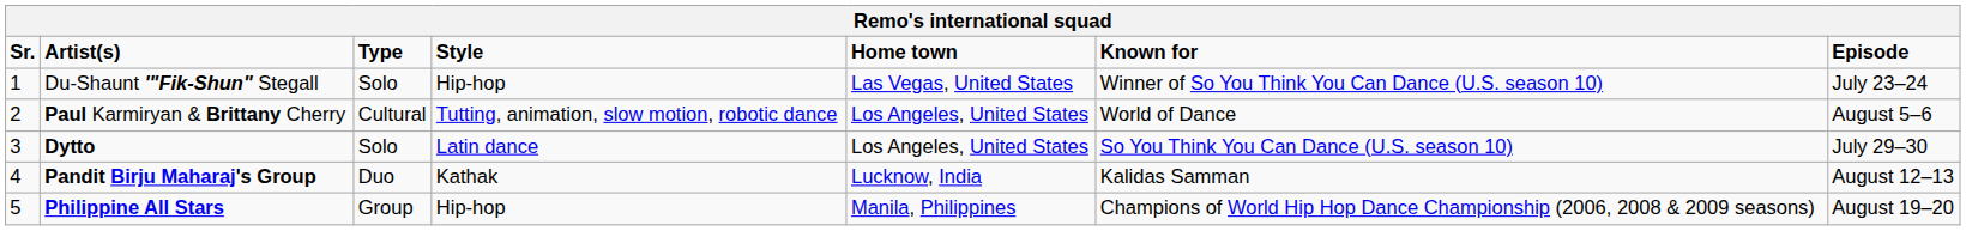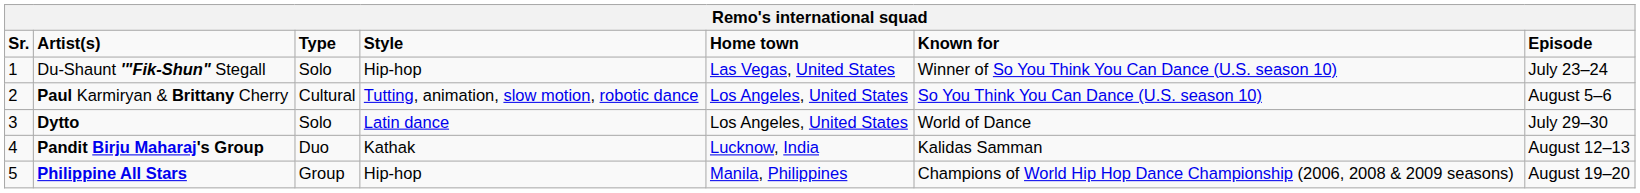 <table class=wikitable style="width: 100%;">
 <tr>
 <th colspan=7>Remo's international squad</th>
 </tr>
 <tr>
 <td><strong>Sr.</strong></td>
 <td><strong>Artist(s)</strong></td>
 <td><strong>Type</strong></td>
 <td><strong>Style</strong></td>
 <td><strong>Home town</strong></td>
 <td><strong>Known for</strong></td>
 <td><strong>Episode</strong></td>
 </tr>
 <tr>
 <td>1</td>
 <td>Du-Shaunt <strong><em>'"Fik-Shun"</em></strong> Stegall</td>
 <td>Solo</td>
 <td>Hip-hop</td>
 <td> <a href='#'>Las Vegas</a>, <a href='#'>United States</a></td>
 <td>Winner of <a href='#'>So You Think You Can Dance (U.S. season 10)</a></td>
 <td>July 23–24</td>
 </tr>
 <tr>
 <td>2</td>
 <td><strong>Paul</strong> Karmiryan & <strong>Brittany</strong> Cherry</td>
 <td>Cultural</td>
 <td><a href='#'>Tutting</a>, animation, <a href='#'>slow motion</a>, <a href='#'>robotic dance</a></td>
 <td> <a href='#'>Los Angeles</a>, <a href='#'>United States</a></td>
-<td>World of Dance</td>
+<td><a href='#'>So You Think You Can Dance (U.S. season 10)</a></td>
 <td>August 5–6</td>
 </tr>
 <tr>
 <td>3</td>
 <td><strong>Dytto</strong></td>
 <td>Solo</td>
 <td><a href='#'>Latin dance</a></td>
 <td> Los Angeles, <a href='#'>United States</a></td>
-<td><a href='#'>So You Think You Can Dance (U.S. season 10)</a></td>
+<td>World of Dance</td>
 <td>July 29–30</td>
 </tr>
 <tr>
 <td>4</td>
 <td><strong>Pandit <a href='#'>Birju Maharaj</a>'s Group</strong></td>
 <td>Duo</td>
 <td>Kathak</td>
 <td> <a href='#'>Lucknow</a>, <a href='#'>India</a></td>
 <td>Kalidas Samman</td>
 <td>August 12–13</td>
 </tr>
 <tr>
 <td>5</td>
 <td><strong><a href='#'>Philippine All Stars</a></strong></td>
 <td>Group</td>
 <td>Hip-hop</td>
 <td> <a href='#'>Manila</a>, <a href='#'>Philippines</a></td>
 <td>Champions of <a href='#'>World Hip Hop Dance Championship</a> (2006, 2008 & 2009 seasons)</td>
 <td>August 19–20</td>
 </tr>
 </table>
